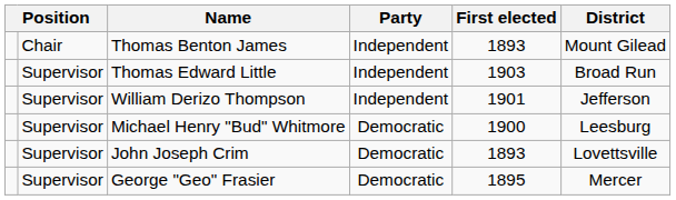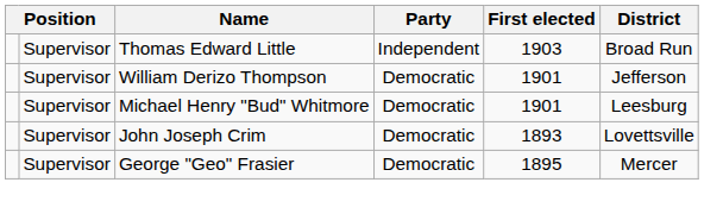 <table class="wikitable">
 <tr>
 <th colspan="2">Position</th>
 <th>Name</th>
 <th>Party</th>
 <th>First elected</th>
 <th>District</th>
-</tr>
-<tr>
-<td style="background-color:"> </td>
-<td>Chair</td>
-<td>Thomas Benton James</td>
-<td style="text-align:center;">Independent</td>
-<td style="text-align:center;">1893</td>
-<td style="text-align:center;">Mount Gilead</td>
 </tr>
 <tr>
 <td style="background-color:"> </td>
 <td>Supervisor</td>
 <td>Thomas Edward Little</td>
 <td style="text-align:center;">Independent</td>
 <td style="text-align:center;">1903</td>
 <td style="text-align:center;">Broad Run</td>
 </tr>
 <tr>
 <td style="background-color:"> </td>
 <td>Supervisor</td>
 <td>William Derizo Thompson</td>
-<td style="text-align:center;">Independent</td>
+<td style="text-align:center;">Democratic</td>
 <td style="text-align:center;">1901</td>
 <td style="text-align:center;">Jefferson</td>
 </tr>
 <tr>
 <td style="background-color:"> </td>
 <td>Supervisor</td>
 <td>Michael Henry "Bud" Whitmore</td>
 <td style="text-align:center;">Democratic</td>
-<td style="text-align:center;">1900</td>
+<td style="text-align:center;">1901</td>
 <td style="text-align:center;">Leesburg</td>
 </tr>
 <tr>
 <td style="background-color:"> </td>
 <td>Supervisor</td>
 <td>John Joseph Crim</td>
 <td style="text-align:center;">Democratic</td>
 <td style="text-align:center;">1893</td>
 <td style="text-align:center;">Lovettsville</td>
 </tr>
 <tr>
 <td style="background-color:"> </td>
 <td>Supervisor</td>
 <td>George "Geo" Frasier</td>
 <td style="text-align:center;">Democratic</td>
 <td style="text-align:center;">1895</td>
 <td style="text-align:center;">Mercer</td>
 </tr>
 </table>
